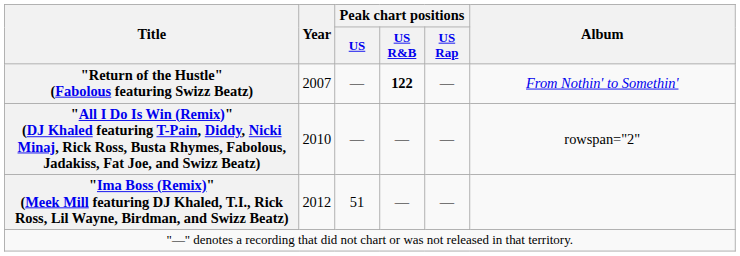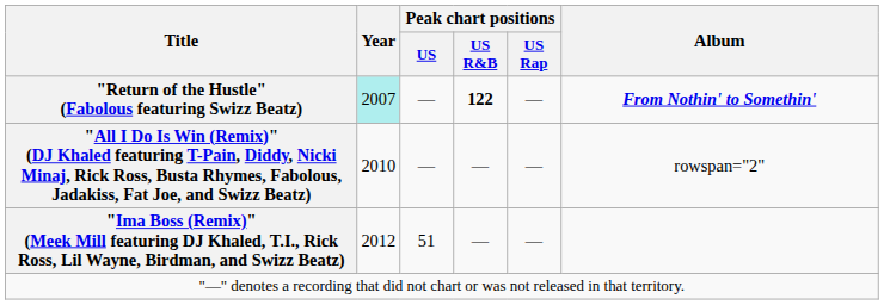 <table class="wikitable plainrowheaders" style="text-align:center;" border="1">
 <tr>
 <th scope="col" rowspan="2" style="width:20em;">Title</th>
 <th scope="col" rowspan="2" style="width:1em;">Year</th>
 <th scope="col" colspan="3">Peak chart positions</th>
 <th scope="col" rowspan="2" style="width:18em;">Album</th>
 </tr>
 <tr>
 <th style="width:3em; font-size:90%"><a href='#'>US</a></th>
 <th style="width:3em; font-size:90%"><a href='#'>US<br>R&B</a></th>
 <th style="width:3em; font-size:90%"><a href='#'>US<br>Rap</a></th>
 </tr>
 <tr>
 <th scope="row">"Return of the Hustle"<br><span>(<a href='#'>Fabolous</a> featuring Swizz Beatz)</span></th>
-<td rowspan="1">2007</td>
+<td rowspan="1" style="background: paleturquoise;">2007</td>
 <td>—</td>
 <td><strong>122</strong></td>
 <td>—</td>
-<td><em><a href='#'>From Nothin' to Somethin'</a></em></td>
+<td><strong><em><a href='#'>From Nothin' to Somethin'</a></em></strong></td>
 </tr>
 <tr>
 <th scope="row">"<a href='#'>All I Do Is Win (Remix)</a>"<br><span>(<a href='#'>DJ Khaled</a> featuring <a href='#'>T-Pain</a>, <a href='#'>Diddy</a>, <a href='#'>Nicki Minaj</a>, Rick Ross, Busta Rhymes, Fabolous, Jadakiss, Fat Joe, and Swizz Beatz)</span></th>
 <td>2010</td>
 <td>—</td>
 <td>—</td>
 <td>—</td>
 <td>rowspan="2" </td>
 </tr>
 <tr>
 <th scope="row">"<a href='#'>Ima Boss (Remix)</a>"<br><span>(<a href='#'>Meek Mill</a> featuring DJ Khaled, T.I., Rick Ross, Lil Wayne, Birdman, and Swizz Beatz)</span></th>
 <td>2012</td>
 <td>51</td>
 <td>—</td>
 <td>—</td>
 </tr>
 <tr>
 <td colspan="6" style="font-size:90%">"—" denotes a recording that did not chart or was not released in that territory.</td>
 </tr>
 </table>
